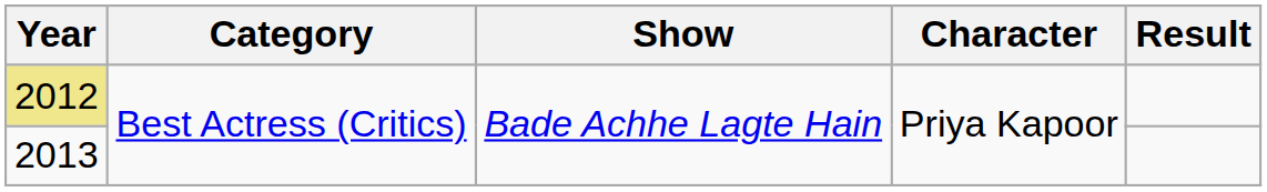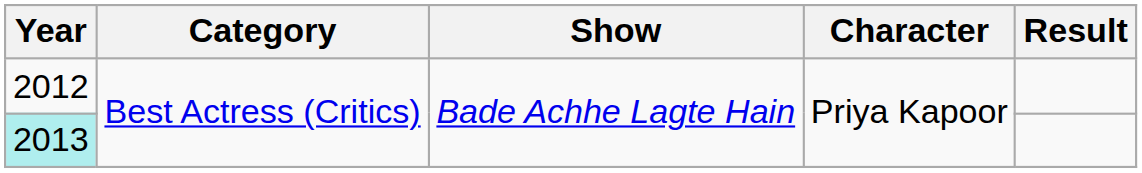 <table class="wikitable sortable">
 <tr>
 <th>Year</th>
 <th>Category</th>
 <th>Show</th>
 <th>Character</th>
 <th>Result</th>
 </tr>
 <tr>
-<td style="background: khaki;">2012</td>
+<td>2012</td>
 <td rowspan=2><a href='#'>Best Actress (Critics)</a></td>
 <td rowspan=2><em><a href='#'>Bade Achhe Lagte Hain</a></em></td>
 <td rowspan=2>Priya Kapoor</td>
 <td></td>
 </tr>
 <tr>
-<td>2013</td>
+<td style="background: paleturquoise;">2013</td>
 <td></td>
 </tr>
 </table>
